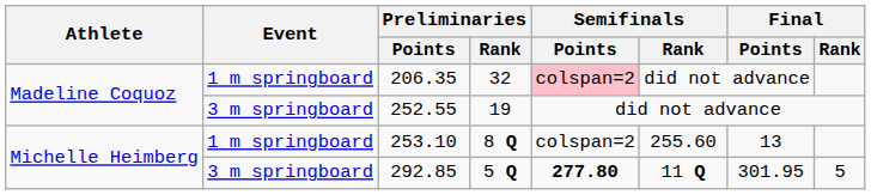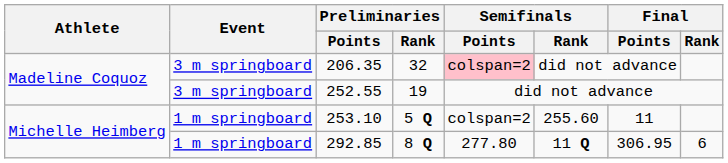 <table class="wikitable" style="text-align:center; font-size:90%">
 <tr>
 <th rowspan="2">Athlete</th>
 <th rowspan="2">Event</th>
 <th colspan="2">Preliminaries</th>
 <th colspan="2">Semifinals</th>
 <th colspan="2">Final</th>
 </tr>
 <tr style="font-size:95%">
 <th>Points</th>
 <th>Rank</th>
 <th>Points</th>
 <th>Rank</th>
 <th>Points</th>
 <th>Rank</th>
 </tr>
 <tr>
 <td align=left rowspan=2><a href='#'>Madeline Coquoz</a></td>
-<td align=left><a href='#'>1 m springboard</a></td>
+<td align=left><a href='#'>3 m springboard</a></td>
 <td>206.35</td>
 <td>32</td>
 <td style="background: pink;">colspan=2 </td>
 <td colspan=2>did not advance</td>
 </tr>
 <tr>
 <td align=left><a href='#'>3 m springboard</a></td>
 <td>252.55</td>
 <td>19</td>
 <td colspan=4>did not advance</td>
 </tr>
 <tr>
 <td align=left rowspan=2><a href='#'>Michelle Heimberg</a></td>
 <td align=left><a href='#'>1 m springboard</a></td>
 <td>253.10</td>
-<td>8 <strong>Q</strong></td>
+<td>5 <strong>Q</strong></td>
 <td>colspan=2 </td>
 <td>255.60</td>
-<td>13</td>
+<td>11</td>
 </tr>
 <tr>
-<td align=left><a href='#'>3 m springboard</a></td>
+<td align=left><a href='#'>1 m springboard</a></td>
 <td>292.85</td>
-<td>5 <strong>Q</strong></td>
-<td><strong>277.80</strong></td>
+<td>8 <strong>Q</strong></td>
+<td>277.80</td>
 <td>11 <strong>Q</strong></td>
-<td>301.95</td>
-<td>5</td>
+<td>306.95</td>
+<td>6</td>
 </tr>
 </table>
